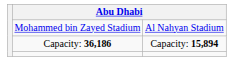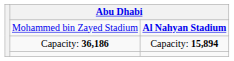 <table class="wikitable" style="text-align:center;margin:1em auto;">
 <tr>
 <th rowspan="4"></th>
 <th colspan="2"><a href='#'>Abu Dhabi</a></th>
 </tr>
 <tr>
 <td><a href='#'>Mohammed bin Zayed Stadium</a></td>
-<td><a href='#'>Al Nahyan Stadium</a></td>
+<td><strong><a href='#'>Al Nahyan Stadium</a></strong></td>
 </tr>
 <tr>
 <td>Capacity: <strong>36,186</strong></td>
 <td>Capacity: <strong>15,894</strong></td>
 </tr>
 <tr>
 <td></td>
 <td></td>
 </tr>
 </table>
